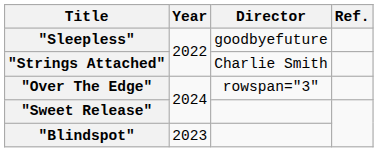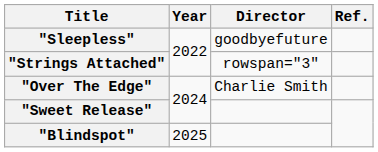 <table class="wikitable plainrowheaders" style="text-align:center;">
 <tr>
 <th>Title</th>
 <th>Year</th>
 <th>Director</th>
 <th>Ref.</th>
 </tr>
 <tr>
 <th scope="row">"Sleepless"</th>
 <td rowspan="2">2022</td>
 <td>goodbyefuture</td>
 <td></td>
 </tr>
 <tr>
 <th scope="row">"Strings Attached"</th>
-<td>Charlie Smith</td>
+<td>rowspan="3" </td>
 <td></td>
 </tr>
 <tr>
 <th scope="row">"Over The Edge"</th>
 <td rowspan="2">2024</td>
-<td>rowspan="3" </td>
+<td>Charlie Smith</td>
 <td></td>
 </tr>
 <tr>
 <th scope="row">"Sweet Release"</th>
 <td></td>
 </tr>
 <tr>
 <th scope="row">"Blindspot"</th>
-<td>2023</td>
+<td>2025</td>
 <td></td>
 </tr>
 </table>
